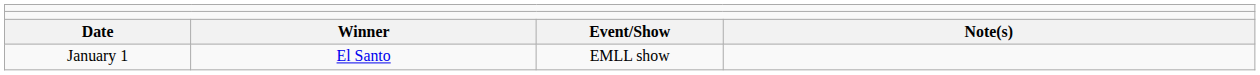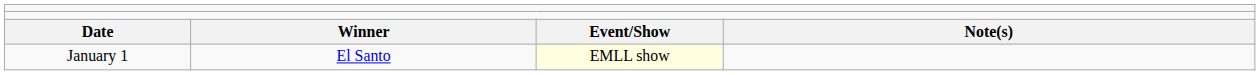 <table class="wikitable" style="text-align:center; width:100%;">
 <tr>
 <td colspan=5></td>
 </tr>
 <tr>
 <td colspan=5><strong></strong></td>
 </tr>
 <tr>
 <th width=14%>Date</th>
 <th width=26%>Winner</th>
 <th width=14%>Event/Show</th>
 <th width=40%>Note(s)</th>
 </tr>
 <tr>
 <td>January 1</td>
 <td><a href='#'>El Santo</a></td>
-<td>EMLL show</td>
+<td style="background: lightyellow;">EMLL show</td>
 <td align=left></td>
 </tr>
 </table>
